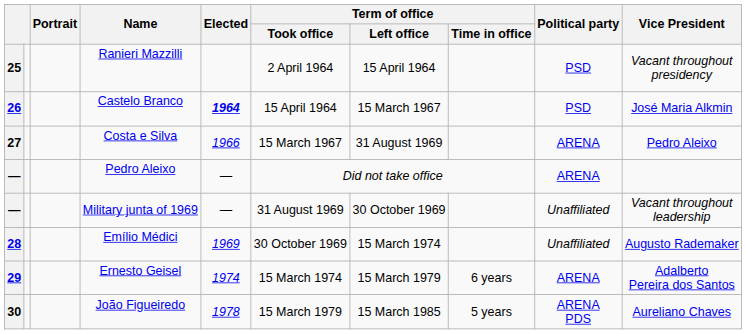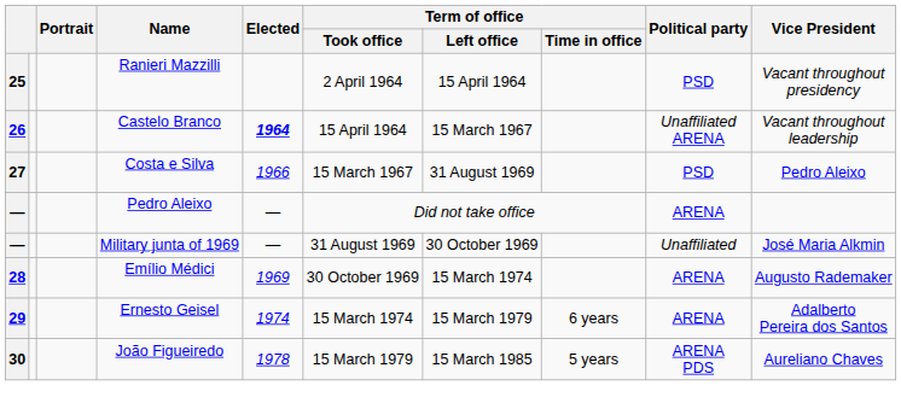 <table class="wikitable sticky-header" style=text-align:center;>
 <tr>
 <th colspan="2" rowspan="2"></th>
 <th rowspan="2">Portrait</th>
 <th rowspan="2">Name<br></th>
 <th rowspan="2">Elected</th>
 <th colspan="3">Term of office</th>
 <th rowspan="2">Political party</th>
 <th rowspan="2">Vice President</th>
 </tr>
 <tr>
 <th>Took office</th>
 <th>Left office</th>
 <th>Time in office</th>
 </tr>
 <tr>
 <th>25</th>
 <td style="background-color:"></td>
 <td></td>
 <td><a href='#'>Ranieri Mazzilli</a><br><br><br></td>
 <td></td>
 <td>2 April 1964</td>
 <td>15 April 1964</td>
 <td></td>
 <td><a href='#'>PSD</a></td>
 <td><em>Vacant throughout<br>presidency</em></td>
 </tr>
 <tr>
 <th><a href='#'>26</a></th>
 <td style="background: linear-gradient("></td>
 <td></td>
 <td><a href='#'>Castelo Branco</a><br><br></td>
 <td><strong><a href='#'><em>1964</em></a></strong></td>
 <td>15 April 1964</td>
 <td>15 March 1967</td>
 <td></td>
-<td><a href='#'>PSD</a></td>
-<td><a href='#'>José Maria Alkmin</a></td>
+<td><em>Unaffiliated</em><br><a href='#'>ARENA</a></td>
+<td><em>Vacant throughout<br>leadership</em></td>
 </tr>
 <tr>
 <th>27</th>
 <td style="background-color:"></td>
 <td></td>
 <td><a href='#'>Costa e Silva</a><br><br></td>
 <td><a href='#'><em>1966</em></a></td>
 <td>15 March 1967</td>
 <td>31 August 1969</td>
 <td></td>
-<td><a href='#'>ARENA</a></td>
+<td><a href='#'>PSD</a></td>
 <td><a href='#'>Pedro Aleixo</a></td>
 </tr>
 <tr>
 <th>—</th>
 <td style="background-color:"></td>
 <td></td>
 <td><a href='#'>Pedro Aleixo</a><br><br></td>
 <td>—</td>
 <td colspan="3"><em>Did not take office</em></td>
 <td><a href='#'>ARENA</a></td>
 <td></td>
 </tr>
 <tr>
 <th>—</th>
 <td style="background-color:"></td>
 <td></td>
 <td><a href='#'>Military junta of 1969</a><br></td>
 <td>—</td>
 <td>31 August 1969</td>
 <td>30 October 1969</td>
 <td></td>
 <td><em>Unaffiliated</em></td>
-<td><em>Vacant throughout<br>leadership</em></td>
+<td><a href='#'>José Maria Alkmin</a></td>
 </tr>
 <tr>
 <th><a href='#'>28</a></th>
 <td style="background-color:"></td>
 <td></td>
 <td><a href='#'>Emílio Médici</a><br><br></td>
 <td><a href='#'><em>1969</em></a></td>
 <td>30 October 1969</td>
 <td>15 March 1974</td>
 <td></td>
-<td><em>Unaffiliated</em></td>
+<td><a href='#'>ARENA</a></td>
 <td><a href='#'>Augusto Rademaker</a></td>
 </tr>
 <tr>
 <th><a href='#'>29</a></th>
 <td style="background-color:"></td>
 <td></td>
 <td><a href='#'>Ernesto Geisel</a><br><br></td>
 <td><a href='#'><em>1974</em></a></td>
 <td>15 March 1974</td>
 <td>15 March 1979</td>
 <td>6 years</td>
 <td><a href='#'>ARENA</a></td>
 <td><a href='#'>Adalberto<br>Pereira dos Santos</a></td>
 </tr>
 <tr>
 <th>30</th>
 <td style="background: linear-gradient("></td>
 <td></td>
 <td><a href='#'>João Figueiredo</a><br><br></td>
 <td><a href='#'><em>1978</em></a></td>
 <td>15 March 1979</td>
 <td>15 March 1985</td>
 <td>5 years</td>
 <td><a href='#'>ARENA</a><br><a href='#'>PDS</a></td>
 <td><a href='#'>Aureliano Chaves</a></td>
 </tr>
 </table>
